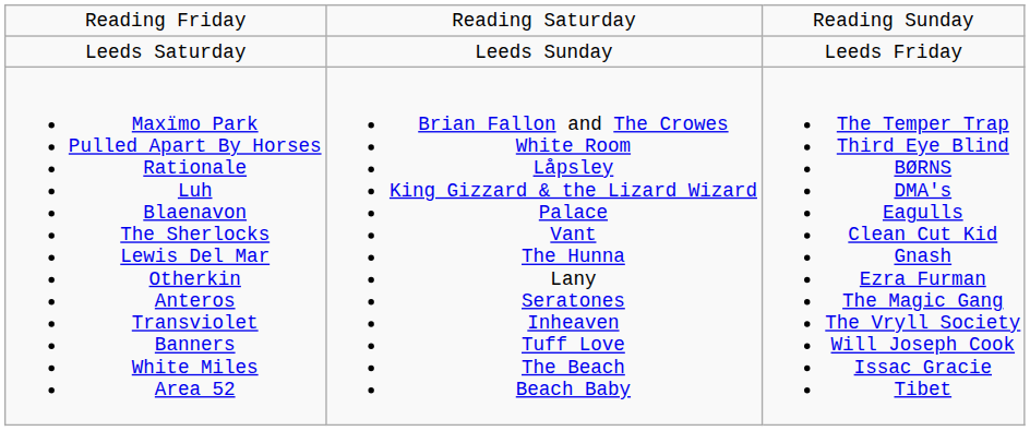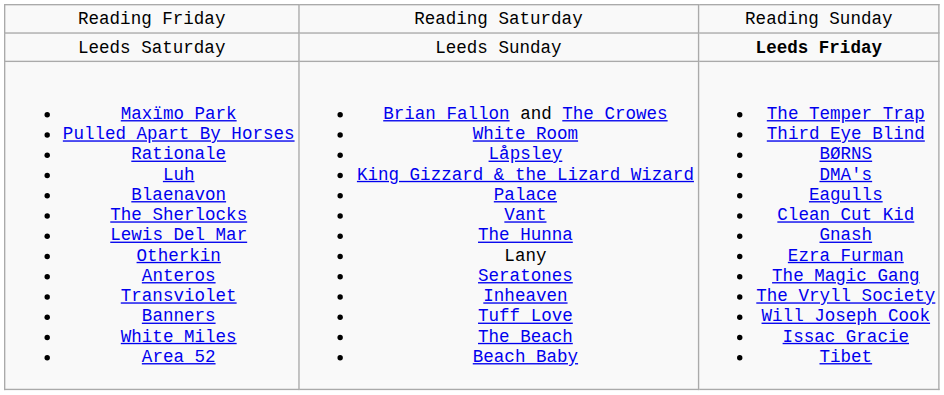 <table class="wikitable" style="text-align:center;">
 <tr>
 <td>Reading Friday</td>
 <td>Reading Saturday</td>
 <td>Reading Sunday</td>
 </tr>
 <tr>
 <td>Leeds Saturday</td>
 <td>Leeds Sunday</td>
-<td>Leeds Friday</td>
+<td><strong>Leeds Friday</strong></td>
 </tr>
 <tr>
 <td><br><ul><li><a href='#'>Maxïmo Park</a></li><li><a href='#'>Pulled Apart By Horses</a></li><li><a href='#'>Rationale</a></li><li><a href='#'>Luh</a></li><li><a href='#'>Blaenavon</a></li><li><a href='#'>The Sherlocks</a></li><li><a href='#'>Lewis Del Mar</a></li><li><a href='#'>Otherkin</a></li><li><a href='#'>Anteros</a></li><li><a href='#'>Transviolet</a></li><li><a href='#'>Banners</a></li><li><a href='#'>White Miles</a></li><li><a href='#'>Area 52</a></li></ul></td>
 <td><br><ul><li><a href='#'>Brian Fallon</a> and <a href='#'>The Crowes</a></li><li><a href='#'>White Room</a></li><li><a href='#'>Låpsley</a></li><li><a href='#'>King Gizzard & the Lizard Wizard</a></li><li><a href='#'>Palace</a></li><li><a href='#'>Vant</a></li><li><a href='#'>The Hunna</a></li><li>Lany</li><li><a href='#'>Seratones</a></li><li><a href='#'>Inheaven</a></li><li><a href='#'>Tuff Love</a></li><li><a href='#'>The Beach</a></li><li><a href='#'>Beach Baby</a></li></ul></td>
 <td><br><ul><li><a href='#'>The Temper Trap</a></li><li><a href='#'>Third Eye Blind</a></li><li><a href='#'>BØRNS</a></li><li><a href='#'>DMA's</a></li><li><a href='#'>Eagulls</a></li><li><a href='#'>Clean Cut Kid</a></li><li><a href='#'>Gnash</a></li><li><a href='#'>Ezra Furman</a></li><li><a href='#'>The Magic Gang</a></li><li><a href='#'>The Vryll Society</a></li><li><a href='#'>Will Joseph Cook</a></li><li><a href='#'>Issac Gracie</a></li><li><a href='#'>Tibet</a></li></ul></td>
 </tr>
 </table>
